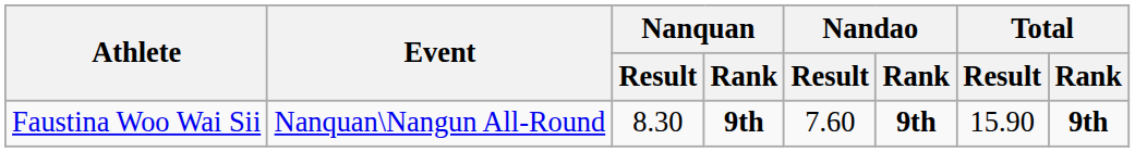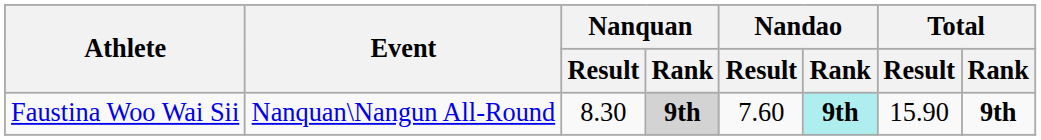 <table class=wikitable style="font-size:90%">
 <tr>
 <th rowspan="2">Athlete</th>
 <th rowspan="2">Event</th>
 <th colspan="2">Nanquan</th>
 <th colspan="2">Nandao</th>
 <th colspan="2">Total</th>
 </tr>
 <tr>
 <th>Result</th>
 <th>Rank</th>
 <th>Result</th>
 <th>Rank</th>
 <th>Result</th>
 <th>Rank</th>
 </tr>
 <tr>
 <td><a href='#'>Faustina Woo Wai Sii</a></td>
 <td><a href='#'>Nanquan\Nangun All-Round</a></td>
 <td align=center>8.30</td>
-<td align=center><strong>9th</strong></td>
+<td align=center style="background: lightgrey;"><strong>9th</strong></td>
 <td align=center>7.60</td>
-<td align=center><strong>9th</strong></td>
+<td align=center style="background: paleturquoise;"><strong>9th</strong></td>
 <td align=center>15.90</td>
 <td align=center><strong>9th</strong></td>
 </tr>
 </table>
